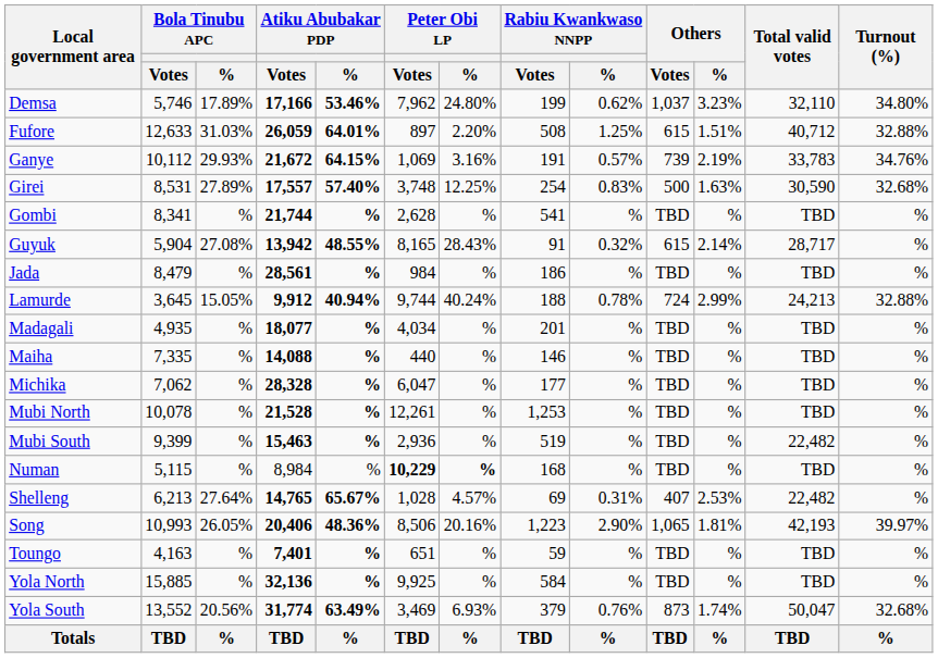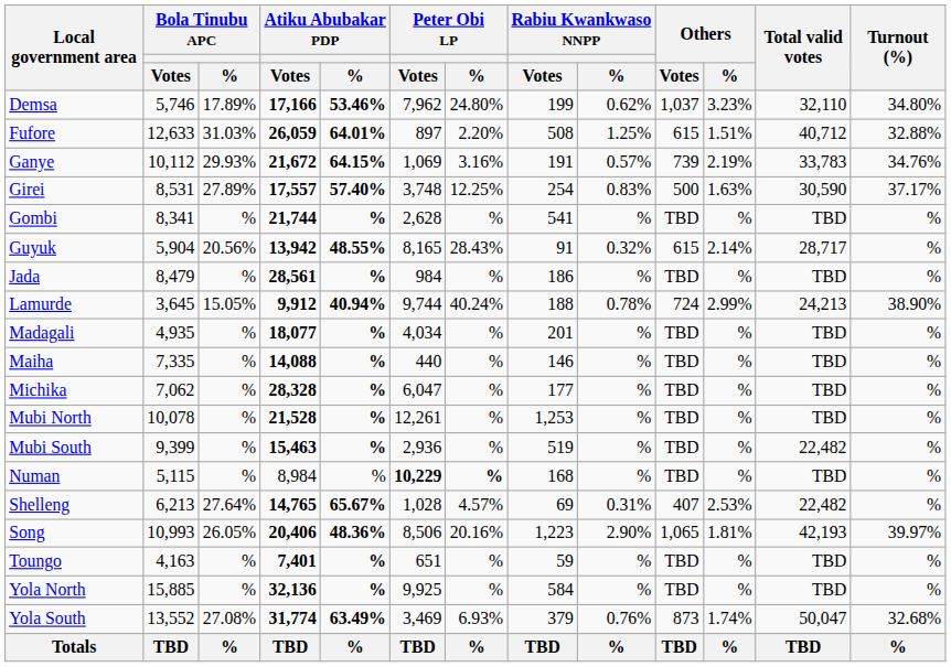 <table class="wikitable sortable" style="text-align:right; font-size:90%">
 <tr>
 <th rowspan="3" style="max-width:7.5em;">Local government area</th>
 <th colspan="2"><a href='#'>Bola Tinubu</a><br><small>APC</small></th>
 <th colspan="2"><a href='#'>Atiku Abubakar</a><br><small>PDP</small></th>
 <th colspan="2"><a href='#'>Peter Obi</a><br><small>LP</small></th>
 <th colspan="2"><a href='#'>Rabiu Kwankwaso</a><br><small>NNPP</small></th>
 <th colspan="2" rowspan="2">Others</th>
 <th rowspan="3" style="max-width:5em;">Total valid votes</th>
 <th rowspan="3" style="max-width:5em;">Turnout (%)</th>
 </tr>
 <tr>
 <th colspan=2 style="background-color:"></th>
 <th colspan=2 style="background-color:"></th>
 <th colspan=2 style="background-color:"></th>
 <th colspan=2 style="background-color:"></th>
 </tr>
 <tr>
 <th>Votes</th>
 <th>%</th>
 <th>Votes</th>
 <th>%</th>
 <th>Votes</th>
 <th>%</th>
 <th>Votes</th>
 <th>%</th>
 <th>Votes</th>
 <th>%</th>
 </tr>
 <tr style="background-color:#">
 <td style="text-align:left;"><a href='#'>Demsa</a></td>
 <td>5,746</td>
 <td>17.89%</td>
 <td><strong>17,166</strong></td>
 <td><strong>53.46%</strong></td>
 <td>7,962</td>
 <td>24.80%</td>
 <td>199</td>
 <td>0.62%</td>
 <td>1,037</td>
 <td>3.23%</td>
 <td>32,110</td>
 <td>34.80%</td>
 </tr>
 <tr style="background-color:#">
 <td style="text-align:left;"><a href='#'>Fufore</a></td>
 <td>12,633</td>
 <td>31.03%</td>
 <td><strong>26,059</strong></td>
 <td><strong>64.01%</strong></td>
 <td>897</td>
 <td>2.20%</td>
 <td>508</td>
 <td>1.25%</td>
 <td>615</td>
 <td>1.51%</td>
 <td>40,712</td>
 <td>32.88%</td>
 </tr>
 <tr style="background-color:#">
 <td style="text-align:left;"><a href='#'>Ganye</a></td>
 <td>10,112</td>
 <td>29.93%</td>
 <td><strong>21,672</strong></td>
 <td><strong>64.15%</strong></td>
 <td>1,069</td>
 <td>3.16%</td>
 <td>191</td>
 <td>0.57%</td>
 <td>739</td>
 <td>2.19%</td>
 <td>33,783</td>
 <td>34.76%</td>
 </tr>
 <tr style="background-color:#">
 <td style="text-align:left;"><a href='#'>Girei</a></td>
 <td>8,531</td>
 <td>27.89%</td>
 <td><strong>17,557</strong></td>
 <td><strong>57.40%</strong></td>
 <td>3,748</td>
 <td>12.25%</td>
 <td>254</td>
 <td>0.83%</td>
 <td>500</td>
 <td>1.63%</td>
 <td>30,590</td>
-<td>32.68%</td>
+<td>37.17%</td>
 </tr>
 <tr style="background-color:#">
 <td style="text-align:left;"><a href='#'>Gombi</a></td>
 <td>8,341</td>
 <td>%</td>
 <td><strong>21,744</strong></td>
 <td><strong>%</strong></td>
 <td>2,628</td>
 <td>%</td>
 <td>541</td>
 <td>%</td>
 <td>TBD</td>
 <td>%</td>
 <td>TBD</td>
 <td>%</td>
 </tr>
 <tr style="background-color:#">
 <td style="text-align:left;"><a href='#'>Guyuk</a></td>
 <td>5,904</td>
-<td>27.08%</td>
+<td>20.56%</td>
 <td><strong>13,942</strong></td>
 <td><strong>48.55%</strong></td>
 <td>8,165</td>
 <td>28.43%</td>
 <td>91</td>
 <td>0.32%</td>
 <td>615</td>
 <td>2.14%</td>
 <td>28,717</td>
 <td>%</td>
 </tr>
 <tr style="background-color:#">
 <td style="text-align:left;"><a href='#'>Jada</a></td>
 <td>8,479</td>
 <td>%</td>
 <td><strong>28,561</strong></td>
 <td><strong>%</strong></td>
 <td>984</td>
 <td>%</td>
 <td>186</td>
 <td>%</td>
 <td>TBD</td>
 <td>%</td>
 <td>TBD</td>
 <td>%</td>
 </tr>
 <tr style="background-color:#">
 <td style="text-align:left;"><a href='#'>Lamurde</a></td>
 <td>3,645</td>
 <td>15.05%</td>
 <td><strong>9,912</strong></td>
 <td><strong>40.94%</strong></td>
 <td>9,744</td>
 <td>40.24%</td>
 <td>188</td>
 <td>0.78%</td>
 <td>724</td>
 <td>2.99%</td>
 <td>24,213</td>
-<td>32.88%</td>
+<td>38.90%</td>
 </tr>
 <tr style="background-color:#">
 <td style="text-align:left;"><a href='#'>Madagali</a></td>
 <td>4,935</td>
 <td>%</td>
 <td><strong>18,077</strong></td>
 <td><strong>%</strong></td>
 <td>4,034</td>
 <td>%</td>
 <td>201</td>
 <td>%</td>
 <td>TBD</td>
 <td>%</td>
 <td>TBD</td>
 <td>%</td>
 </tr>
 <tr style="background-color:#">
 <td style="text-align:left;"><a href='#'>Maiha</a></td>
 <td>7,335</td>
 <td>%</td>
 <td><strong>14,088</strong></td>
 <td><strong>%</strong></td>
 <td>440</td>
 <td>%</td>
 <td>146</td>
 <td>%</td>
 <td>TBD</td>
 <td>%</td>
 <td>TBD</td>
 <td>%</td>
 </tr>
 <tr style="background-color:#">
 <td style="text-align:left;"><a href='#'>Michika</a></td>
 <td>7,062</td>
 <td>%</td>
 <td><strong>28,328</strong></td>
 <td><strong>%</strong></td>
 <td>6,047</td>
 <td>%</td>
 <td>177</td>
 <td>%</td>
 <td>TBD</td>
 <td>%</td>
 <td>TBD</td>
 <td>%</td>
 </tr>
 <tr style="background-color:#">
 <td style="text-align:left;"><a href='#'>Mubi North</a></td>
 <td>10,078</td>
 <td>%</td>
 <td><strong>21,528</strong></td>
 <td><strong>%</strong></td>
 <td>12,261</td>
 <td>%</td>
 <td>1,253</td>
 <td>%</td>
 <td>TBD</td>
 <td>%</td>
 <td>TBD</td>
 <td>%</td>
 </tr>
 <tr style="background-color:#">
 <td style="text-align:left;"><a href='#'>Mubi South</a></td>
 <td>9,399</td>
 <td>%</td>
 <td><strong>15,463</strong></td>
 <td><strong>%</strong></td>
 <td>2,936</td>
 <td>%</td>
 <td>519</td>
 <td>%</td>
 <td>TBD</td>
 <td>%</td>
 <td>22,482</td>
 <td>%</td>
 </tr>
 <tr style="background-color:#">
 <td style="text-align:left;"><a href='#'>Numan</a></td>
 <td>5,115</td>
 <td>%</td>
 <td>8,984</td>
 <td>%</td>
 <td><strong>10,229</strong></td>
 <td><strong>%</strong></td>
 <td>168</td>
 <td>%</td>
 <td>TBD</td>
 <td>%</td>
 <td>TBD</td>
 <td>%</td>
 </tr>
 <tr style="background-color:#">
 <td style="text-align:left;"><a href='#'>Shelleng</a></td>
 <td>6,213</td>
 <td>27.64%</td>
 <td><strong>14,765</strong></td>
 <td><strong>65.67%</strong></td>
 <td>1,028</td>
 <td>4.57%</td>
 <td>69</td>
 <td>0.31%</td>
 <td>407</td>
 <td>2.53%</td>
 <td>22,482</td>
 <td>%</td>
 </tr>
 <tr style="background-color:#">
 <td style="text-align:left;"><a href='#'>Song</a></td>
 <td>10,993</td>
 <td>26.05%</td>
 <td><strong>20,406</strong></td>
 <td><strong>48.36%</strong></td>
 <td>8,506</td>
 <td>20.16%</td>
 <td>1,223</td>
 <td>2.90%</td>
 <td>1,065</td>
 <td>1.81%</td>
 <td>42,193</td>
 <td>39.97%</td>
 </tr>
 <tr style="background-color:#">
 <td style="text-align:left;"><a href='#'>Toungo</a></td>
 <td>4,163</td>
 <td>%</td>
 <td><strong>7,401</strong></td>
 <td><strong>%</strong></td>
 <td>651</td>
 <td>%</td>
 <td>59</td>
 <td>%</td>
 <td>TBD</td>
 <td>%</td>
 <td>TBD</td>
 <td>%</td>
 </tr>
 <tr style="background-color:#">
 <td style="text-align:left;"><a href='#'>Yola North</a></td>
 <td>15,885</td>
 <td>%</td>
 <td><strong>32,136</strong></td>
 <td><strong>%</strong></td>
 <td>9,925</td>
 <td>%</td>
 <td>584</td>
 <td>%</td>
 <td>TBD</td>
 <td>%</td>
 <td>TBD</td>
 <td>%</td>
 </tr>
 <tr style="background-color:#">
 <td style="text-align:left;"><a href='#'>Yola South</a></td>
 <td>13,552</td>
-<td>20.56%</td>
+<td>27.08%</td>
 <td><strong>31,774</strong></td>
 <td><strong>63.49%</strong></td>
 <td>3,469</td>
 <td>6.93%</td>
 <td>379</td>
 <td>0.76%</td>
 <td>873</td>
 <td>1.74%</td>
 <td>50,047</td>
 <td>32.68%</td>
 </tr>
 <tr>
 <th>Totals</th>
 <th>TBD</th>
 <th>%</th>
 <th>TBD</th>
 <th>%</th>
 <th>TBD</th>
 <th>%</th>
 <th>TBD</th>
 <th>%</th>
 <th>TBD</th>
 <th>%</th>
 <th>TBD</th>
 <th>%</th>
 </tr>
 </table>
